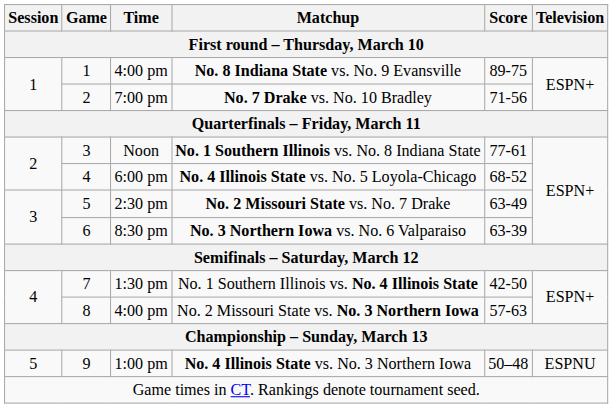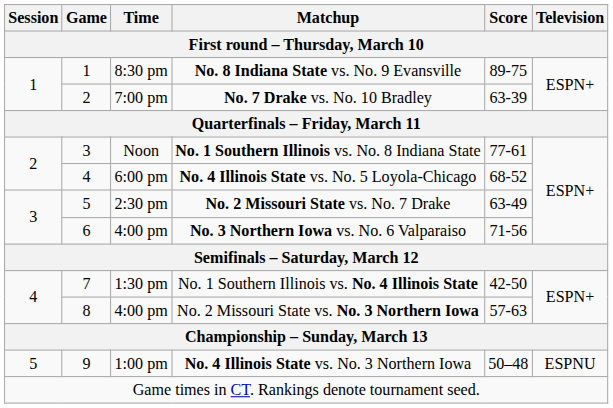 <table class="wikitable" style="font-size: 95% ; text-align:center">
 <tr>
 <th>Session</th>
 <th>Game</th>
 <th>Time</th>
 <th>Matchup</th>
 <th>Score</th>
 <th>Television</th>
 </tr>
 <tr>
 <th colspan=6>First round – Thursday, March 10</th>
 </tr>
 <tr>
 <td rowspan=2>1</td>
 <td>1</td>
-<td>4:00 pm</td>
+<td>8:30 pm</td>
 <td><strong>No. 8 Indiana State</strong> vs. No. 9 Evansville</td>
 <td>89-75</td>
 <td rowspan=2>ESPN+</td>
 </tr>
 <tr>
 <td>2</td>
 <td>7:00 pm</td>
 <td><strong>No. 7 Drake</strong> vs. No. 10 Bradley</td>
-<td>71-56</td>
+<td>63-39</td>
 </tr>
 <tr>
 <th colspan=6>Quarterfinals – Friday, March 11</th>
 </tr>
 <tr>
 <td rowspan=2>2</td>
 <td>3</td>
 <td>Noon</td>
 <td><strong>No. 1 Southern Illinois</strong> vs. No. 8 Indiana State</td>
 <td>77-61</td>
 <td rowspan=4>ESPN+</td>
 </tr>
 <tr>
 <td>4</td>
 <td>6:00 pm</td>
 <td><strong>No. 4 Illinois State</strong> vs. No. 5 Loyola-Chicago</td>
 <td>68-52</td>
 </tr>
 <tr>
 <td rowspan=2>3</td>
 <td>5</td>
 <td>2:30 pm</td>
 <td><strong>No. 2 Missouri State</strong> vs. No. 7 Drake</td>
 <td>63-49</td>
 </tr>
 <tr>
 <td>6</td>
-<td>8:30 pm</td>
+<td>4:00 pm</td>
 <td><strong>No. 3 Northern Iowa</strong> vs. No. 6 Valparaiso</td>
-<td>63-39</td>
+<td>71-56</td>
 </tr>
 <tr>
 <th colspan=6>Semifinals – Saturday, March 12</th>
 </tr>
 <tr>
 <td rowspan=2>4</td>
 <td>7</td>
 <td>1:30 pm</td>
 <td>No. 1 Southern Illinois vs. <strong>No. 4 Illinois State</strong></td>
 <td>42-50</td>
 <td rowspan=2>ESPN+</td>
 </tr>
 <tr>
 <td>8</td>
 <td>4:00 pm</td>
 <td>No. 2 Missouri State vs. <strong>No. 3 Northern Iowa</strong></td>
 <td>57-63</td>
 </tr>
 <tr>
 <th colspan=6>Championship – Sunday, March 13</th>
 </tr>
 <tr>
 <td>5</td>
 <td>9</td>
 <td>1:00 pm</td>
 <td><strong>No. 4 Illinois State</strong> vs. No. 3 Northern Iowa</td>
 <td>50–48</td>
 <td>ESPNU</td>
 </tr>
 <tr>
 <td colspan=6>Game times in <a href='#'>CT</a>. Rankings denote tournament seed.</td>
 </tr>
 </table>
